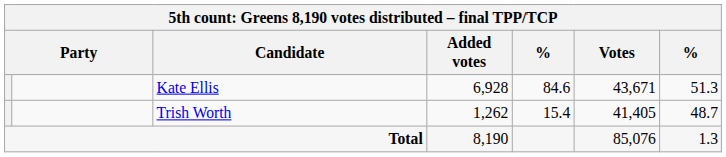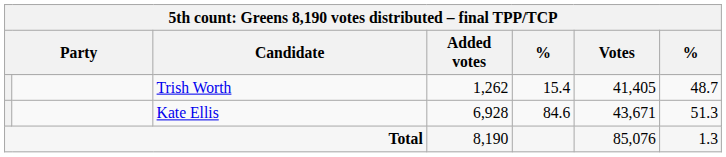 <table class="wikitable" style="font-size: 95%;">
 <tr style="background:#e9e9e9;">
 <th colspan=7>5th count: Greens 8,190 votes distributed – final TPP/TCP</th>
 </tr>
 <tr style="background:#e9e9e9;">
 <th colspan=2 style="width: 130px">Party</th>
 <th style="width: 17em">Candidate</th>
 <th style="width: 5em">Added votes</th>
 <th style="width: 3.5em">%</th>
 <th style="width: 5em">Votes</th>
 <th style="width: 3.5em">%</th>
 </tr>
 <tr class="vcard">
 <th></th>
 <td class="org" style="width: 130px"></td>
+<td class="fn"><a href='#'>Trish Worth</a></td>
+<td style="text-align: right; margin-right: 0.5em">1,262</td>
+<td style="text-align: right; margin-right: 0.5em">15.4</td>
+<td style="text-align: right; margin-right: 0.5em">41,405</td>
+<td style="text-align: right; margin-right: 0.5em">48.7</td>
+</tr>
+<tr class="vcard">
+<th></th>
+<td class="org" style="width: 130px"></td>
 <td class="fn"><a href='#'>Kate Ellis</a></td>
 <td style="text-align: right; margin-right: 0.5em">6,928</td>
 <td style="text-align: right; margin-right: 0.5em">84.6</td>
 <td style="text-align: right; margin-right: 0.5em">43,671</td>
 <td style="text-align: right; margin-right: 0.5em">51.3</td>
-</tr>
-<tr class="vcard">
-<th></th>
-<td class="org" style="width: 130px"></td>
-<td class="fn"><a href='#'>Trish Worth</a></td>
-<td style="text-align: right; margin-right: 0.5em">1,262</td>
-<td style="text-align: right; margin-right: 0.5em">15.4</td>
-<td style="text-align: right; margin-right: 0.5em">41,405</td>
-<td style="text-align: right; margin-right: 0.5em">48.7</td>
 </tr>
 <tr style="background:#f6f6f6; text-align:right;">
 <td colspan="3" style="margin-right: 0.5em"><strong>Total</strong></td>
 <td style="margin-right: 0.5em">8,190</td>
 <td style="margin-right: 0.5em"></td>
 <td style="margin-right: 0.5em">85,076</td>
 <td style="margin-right: 0.5em">1.3</td>
 </tr>
 </table>
